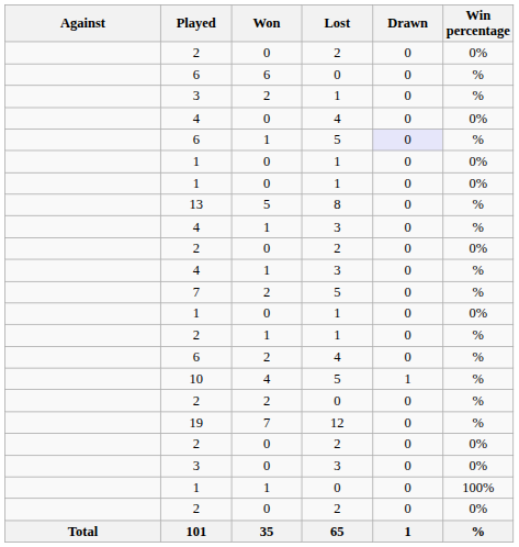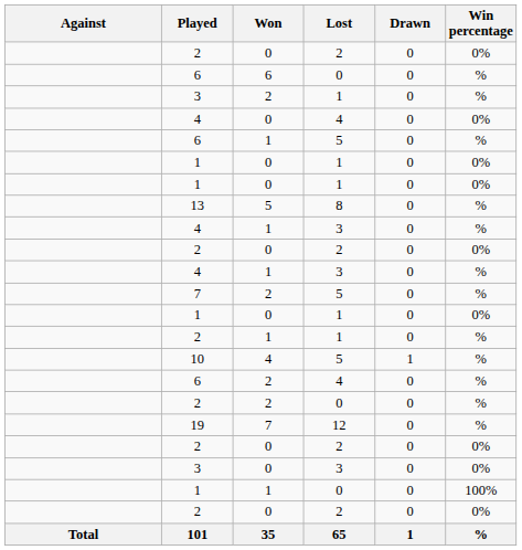 <table class="wikitable sortable" style="border:1px solid #CCCCCC">
 <tr>
 <th align="left" width="175" bgcolor="#CCCCCC">Against</th>
 <th align="center" width="75" bgcolor="#CCCCCC">Played</th>
 <th align="center" width="75" bgcolor="#CCCCCC">Won</th>
 <th align="center" width="75" bgcolor="#CCCCCC">Lost</th>
 <th align="center" width="75" bgcolor="#CCCCCC">Drawn</th>
 <th align="center" width="75" bgcolor="#CCCCCC">Win percentage</th>
 </tr>
 <tr style="text-align:center">
 <td align="left"></td>
 <td>2</td>
 <td>0</td>
 <td>2</td>
 <td>0</td>
 <td>0%</td>
 </tr>
 <tr style="text-align:center">
 <td align="left"></td>
 <td>6</td>
 <td>6</td>
 <td>0</td>
 <td>0</td>
 <td>%</td>
 </tr>
 <tr style="text-align:center">
 <td align="left"></td>
 <td>3</td>
 <td>2</td>
 <td>1</td>
 <td>0</td>
 <td>%</td>
 </tr>
 <tr style="text-align:center">
 <td align="left"></td>
 <td>4</td>
 <td>0</td>
 <td>4</td>
 <td>0</td>
 <td>0%</td>
 </tr>
 <tr style="text-align:center">
 <td align="left"></td>
 <td>6</td>
 <td>1</td>
 <td>5</td>
-<td style="background: lavender;">0</td>
+<td>0</td>
 <td>%</td>
 </tr>
 <tr style="text-align:center">
 <td align="left"></td>
 <td>1</td>
 <td>0</td>
 <td>1</td>
 <td>0</td>
 <td>0%</td>
 </tr>
 <tr style="text-align:center">
 <td align="left"></td>
 <td>1</td>
 <td>0</td>
 <td>1</td>
 <td>0</td>
 <td>0%</td>
 </tr>
 <tr style="text-align:center">
 <td align="left"></td>
 <td>13</td>
 <td>5</td>
 <td>8</td>
 <td>0</td>
 <td>%</td>
 </tr>
 <tr style="text-align:center">
 <td align="left"></td>
 <td>4</td>
 <td>1</td>
 <td>3</td>
 <td>0</td>
 <td>%</td>
 </tr>
 <tr style="text-align:center">
 <td align="left"></td>
 <td>2</td>
 <td>0</td>
 <td>2</td>
 <td>0</td>
 <td>0%</td>
 </tr>
 <tr style="text-align:center">
 <td align="left"></td>
 <td>4</td>
 <td>1</td>
 <td>3</td>
 <td>0</td>
 <td>%</td>
 </tr>
 <tr style="text-align:center">
 <td align="left"></td>
 <td>7</td>
 <td>2</td>
 <td>5</td>
 <td>0</td>
 <td>%</td>
 </tr>
 <tr style="text-align:center">
 <td align="left"></td>
 <td>1</td>
 <td>0</td>
 <td>1</td>
 <td>0</td>
 <td>0%</td>
 </tr>
 <tr style="text-align:center">
 <td align="left"></td>
 <td>2</td>
 <td>1</td>
 <td>1</td>
 <td>0</td>
 <td>%</td>
 </tr>
 <tr style="text-align:center">
 <td align="left"></td>
+<td>10</td>
+<td>4</td>
+<td>5</td>
+<td>1</td>
+<td>%</td>
+</tr>
+<tr style="text-align:center">
+<td align="left"></td>
 <td>6</td>
 <td>2</td>
 <td>4</td>
 <td>0</td>
-<td>%</td>
-</tr>
-<tr style="text-align:center">
-<td align="left"></td>
-<td>10</td>
-<td>4</td>
-<td>5</td>
-<td>1</td>
 <td>%</td>
 </tr>
 <tr style="text-align:center">
 <td align="left"></td>
 <td>2</td>
 <td>2</td>
 <td>0</td>
 <td>0</td>
 <td>%</td>
 </tr>
 <tr style="text-align:center">
 <td align="left"></td>
 <td>19</td>
 <td>7</td>
 <td>12</td>
 <td>0</td>
 <td>%</td>
 </tr>
 <tr style="text-align:center">
 <td align="left"></td>
 <td>2</td>
 <td>0</td>
 <td>2</td>
 <td>0</td>
 <td>0%</td>
 </tr>
 <tr style="text-align:center">
 <td align="left"></td>
 <td>3</td>
 <td>0</td>
 <td>3</td>
 <td>0</td>
 <td>0%</td>
 </tr>
 <tr style="text-align:center">
 <td align="left"></td>
 <td>1</td>
 <td>1</td>
 <td>0</td>
 <td>0</td>
 <td>100%</td>
 </tr>
 <tr style="text-align:center">
 <td align="left"></td>
 <td>2</td>
 <td>0</td>
 <td>2</td>
 <td>0</td>
 <td>0%</td>
 </tr>
 <tr style="text-align:center;">
 <th>Total</th>
 <th><strong>101</strong></th>
 <th><strong>35</strong></th>
 <th><strong>65</strong></th>
 <th><strong>1</strong></th>
 <th><strong>%</strong></th>
 </tr>
 </table>
